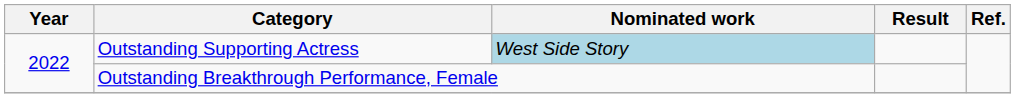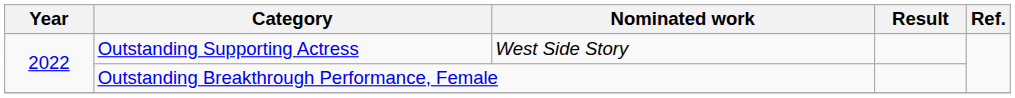 <table class=wikitable>
 <tr>
 <th scope="col" style="width:5em;">Year</th>
 <th scope="col" style="width:26em;">Category</th>
 <th scope="col" style="width:25em;">Nominated work</th>
 <th scope="col" style="width:5em;">Result</th>
 <th>Ref.</th>
 </tr>
 <tr>
 <td style="text-align:center;", rowspan="2"><a href='#'>2022</a></td>
 <td><a href='#'>Outstanding Supporting Actress</a></td>
-<td style="background: lightblue;"><em>West Side Story</em></td>
+<td><em>West Side Story</em></td>
 <td></td>
 <td style="text-align:center;" rowspan="2"></td>
 </tr>
 <tr>
 <td colspan="2"><a href='#'>Outstanding Breakthrough Performance, Female</a></td>
 <td></td>
 </tr>
 <tr>
 </tr>
 </table>
